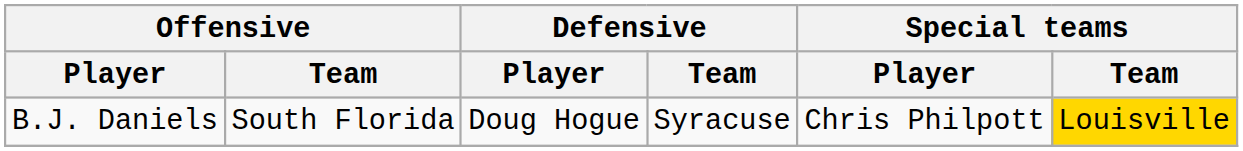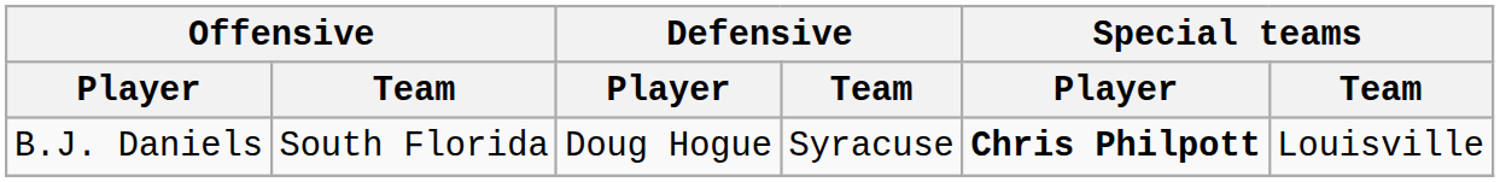 <table class="wikitable" border="1">
 <tr>
 <th colspan="2">Offensive</th>
 <th colspan="2">Defensive</th>
 <th colspan="2">Special teams</th>
 </tr>
 <tr>
 <th>Player</th>
 <th>Team</th>
 <th>Player</th>
 <th>Team</th>
 <th>Player</th>
 <th>Team</th>
 </tr>
 <tr>
 <td>B.J. Daniels</td>
 <td>South Florida</td>
 <td>Doug Hogue</td>
 <td>Syracuse</td>
-<td>Chris Philpott</td>
-<td style="background: gold;">Louisville</td>
+<td><strong>Chris Philpott</strong></td>
+<td>Louisville</td>
 </tr>
 <tr>
 </tr>
 </table>
